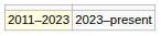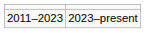 <table class="wikitable" style="text-align:center">
 <tr>
 <td></td>
 <td></td>
 </tr>
 <tr>
-<td style="background: lightyellow;">2011–2023</td>
+<td>2011–2023</td>
 <td>2023–present</td>
 </tr>
 </table>
